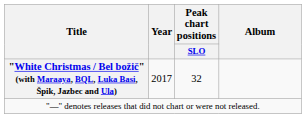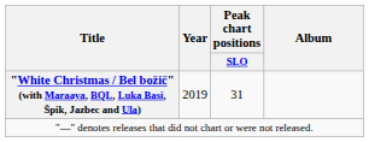 <table class="wikitable plainrowheaders" style="text-align:center;">
 <tr>
 <th scope="col" rowspan="2" width=215px>Title</th>
 <th scope="col" rowspan="2">Year</th>
 <th scope="col" colspan="1">Peak chart positions</th>
 <th scope="col" rowspan="2" width=120px>Album</th>
 </tr>
 <tr>
 <th scope="col" style="width:3em; font-size:85%;"><a href='#'>SLO</a></th>
 </tr>
 <tr>
 <th scope="row">"<a href='#'>White Christmas / Bel božič</a>"<br><small>(with <a href='#'>Maraaya</a>, <a href='#'>BQL</a>, <a href='#'>Luka Basi</a>, Špik, Jazbec and <a href='#'>Ula</a>)</small></th>
-<td>2017</td>
-<td>32</td>
+<td>2019</td>
+<td>31</td>
 <td></td>
 </tr>
 <tr>
 <td style="text-align:center; font-size:85%;" colspan="10">"—" denotes releases that did not chart or were not released.</td>
 </tr>
 </table>
